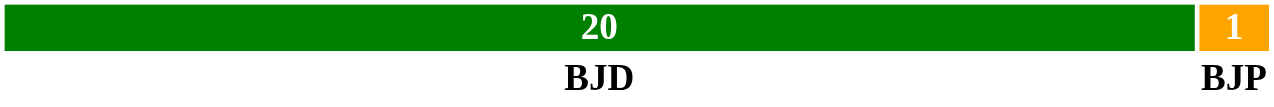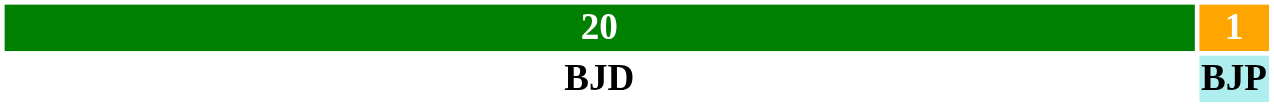 <table style="width:88%; text-align:center;">
 <tr style="color:white;">
 <td style="background:green; width:97%;"><strong>20</strong></td>
 <td style="background:orange; width:3%;"><strong>1</strong></td>
 </tr>
 <tr>
 <td><span><strong>BJD</strong></span></td>
-<td><span><strong>BJP</strong></span></td>
+<td style="background: paleturquoise;"><span><strong>BJP</strong></span></td>
 </tr>
 </table>
